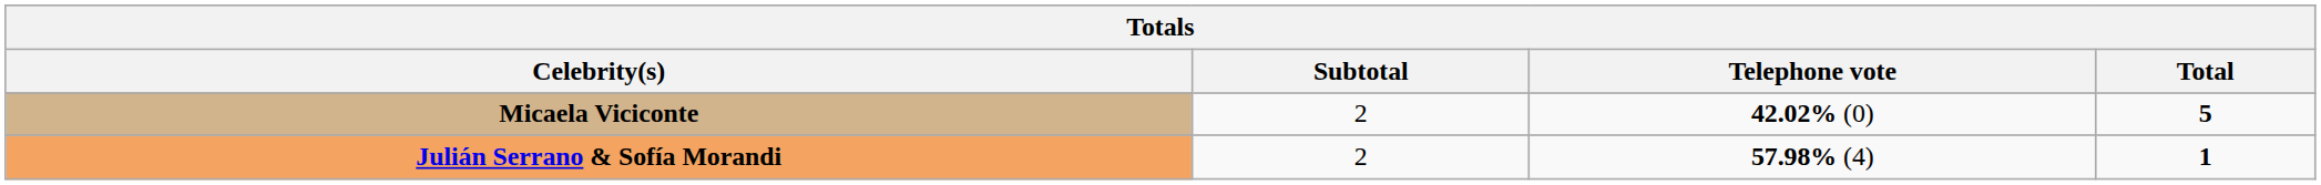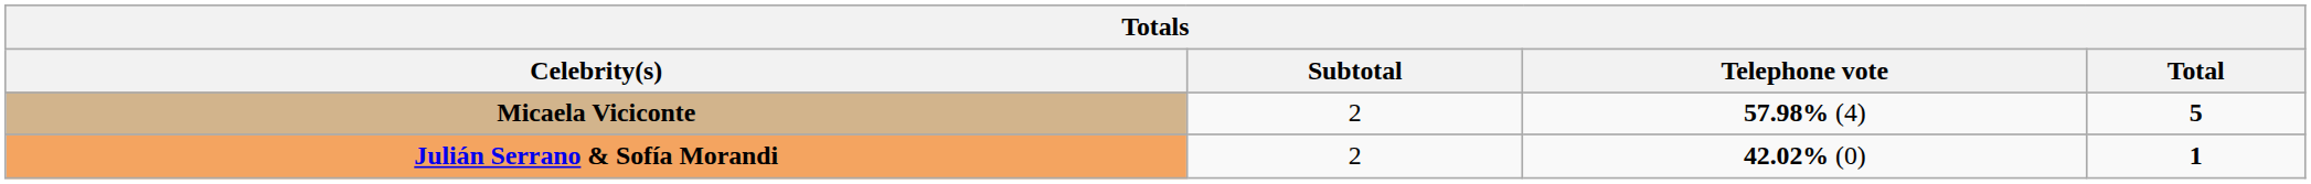 <table class="wikitable collapsible collapsed" style="font-size:90%; text-align: center; width: 100%;">
 <tr>
 <th colspan="11" style="with: 95%;" align=center>Totals</th>
 </tr>
 <tr>
 <th>Celebrity(s)</th>
 <th>Subtotal</th>
 <th>Telephone vote</th>
 <th>Total</th>
 </tr>
 <tr>
 <td bgcolor="tan"><strong>Micaela Viciconte</strong></td>
 <td>2</td>
-<td><strong>42.02%</strong> (0)</td>
+<td><strong>57.98%</strong> (4)</td>
 <td><strong>5</strong></td>
 </tr>
 <tr>
 <td bgcolor="sandybrown"><strong><a href='#'>Julián Serrano</a> & Sofía Morandi</strong></td>
 <td>2</td>
-<td><strong>57.98%</strong> (4)</td>
+<td><strong>42.02%</strong> (0)</td>
 <td><strong>1</strong></td>
 </tr>
 </table>
